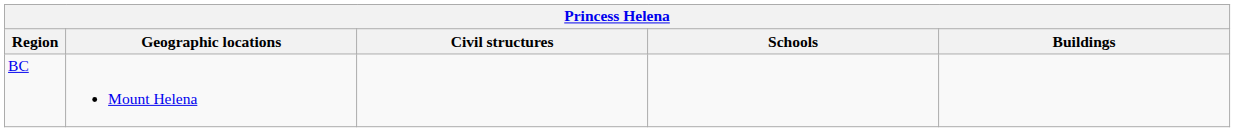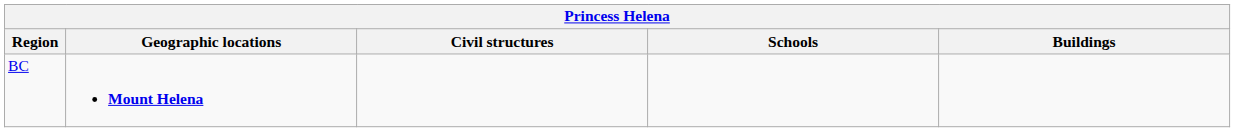 <table class="wikitable" width="100%">
 <tr>
 <th colspan="5"> <a href='#'>Princess Helena</a></th>
 </tr>
 <tr>
 <th width="5%">Region</th>
 <th width="23.75%">Geographic locations</th>
 <th width="23.75%">Civil structures</th>
 <th width="23.75%">Schools</th>
 <th width="23.75%">Buildings</th>
 </tr>
 <tr>
 <td align=left valign=top> <a href='#'>BC</a></td>
-<td align=left valign=top><br><ul><li><a href='#'>Mount Helena</a></li></ul></td>
+<td align=left valign=top><strong><br><ul><li><a href='#'>Mount Helena</a></li></ul></strong></td>
 <td></td>
 <td></td>
 <td></td>
 </tr>
 </table>
